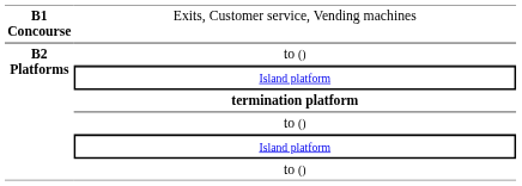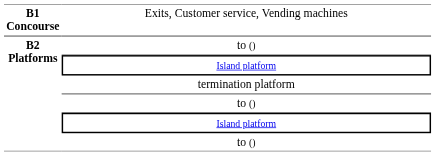 <table table border=0 cellspacing=0 cellpadding=3>
 <tr>
 <td style="border-bottom:solid 1px gray; border-top:solid 1px gray;text-align:center" valign=top><strong>B1<br>Concourse</strong></td>
 <td style="border-bottom:solid 1px gray; border-top:solid 1px gray;text-align:center;" valign=top width=500>Exits, Customer service, Vending machines</td>
 </tr>
 <tr>
 <td style="border-bottom:solid 1px gray; border-top:solid 1px gray;text-align:center" rowspan="6" valign=top><strong>B2<br>Platforms</strong></td>
 <td style="border-bottom:solid 1px gray; border-top:solid 1px gray;text-align:center;">  to  <small>()</small></td>
 </tr>
 <tr>
 <td style="border-right:solid 2px black;border-left:solid 2px black;border-top:solid 2px black;border-bottom:solid 2px black;text-align:center;" colspan=2><small><a href='#'>Island platform</a></small></td>
 </tr>
 <tr>
-<td style="border-bottom:solid 1px gray;text-align:center;"><strong>  termination platform</strong></td>
+<td style="border-bottom:solid 1px gray;text-align:center;">  termination platform</td>
 </tr>
 <tr>
 <td style="border-bottom:solid 1px gray; border-top:solid 1px gray;text-align:center;"> to  <small>()</small> </td>
 </tr>
 <tr>
 <td style="border-right:solid 2px black;border-left:solid 2px black;border-top:solid 2px black;border-bottom:solid 2px black;text-align:center;" colspan=2><small><a href='#'>Island platform</a></small></td>
 </tr>
 <tr>
 <td style="border-bottom:solid 1px gray;text-align:center;"> to  <small>()</small> </td>
 </tr>
 </table>
